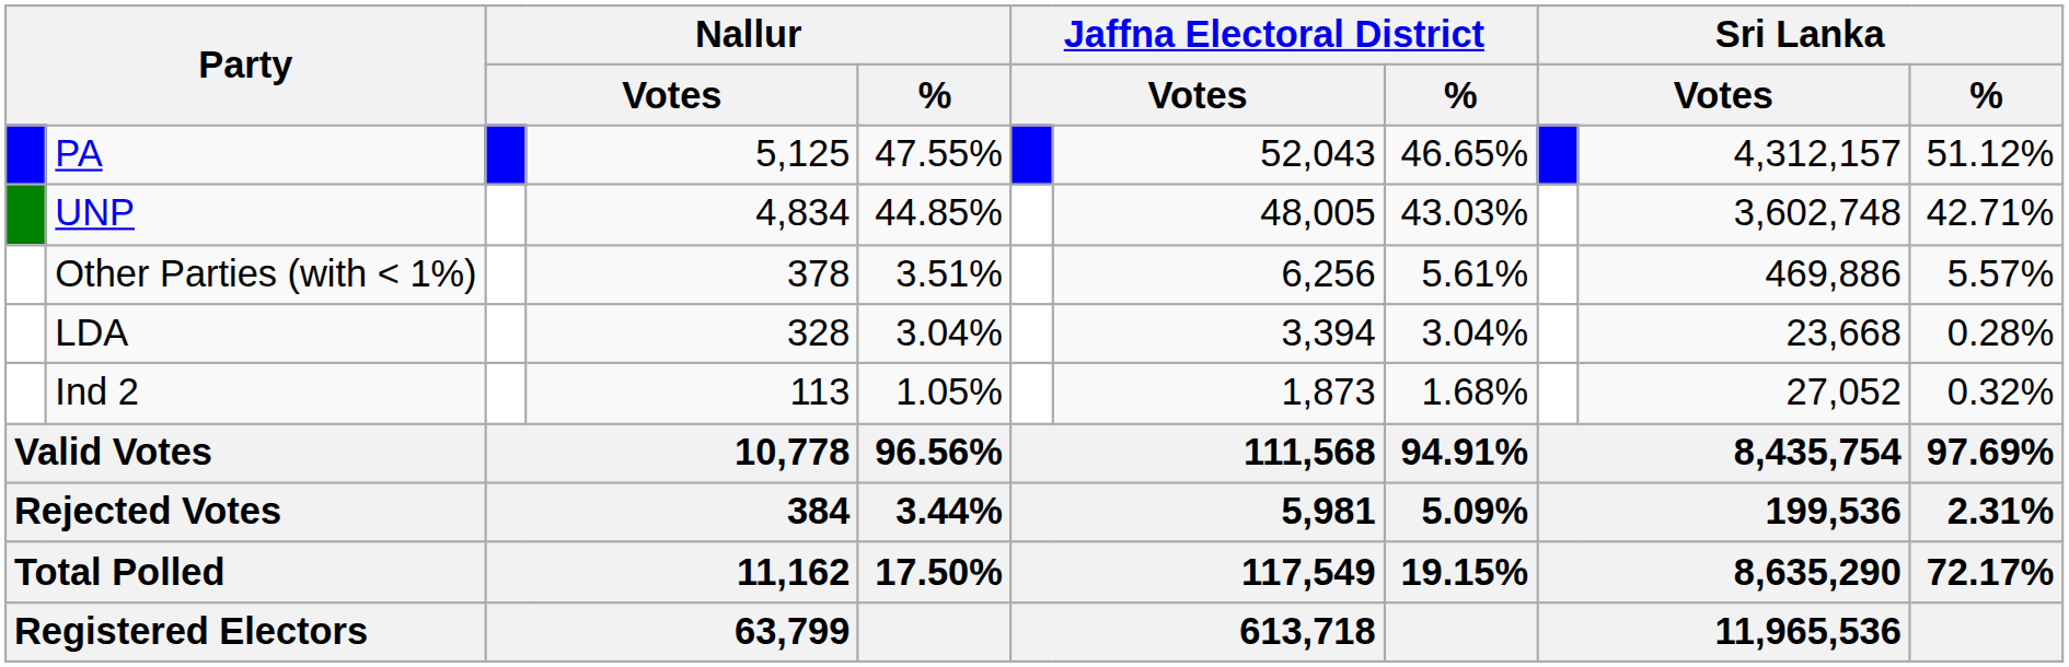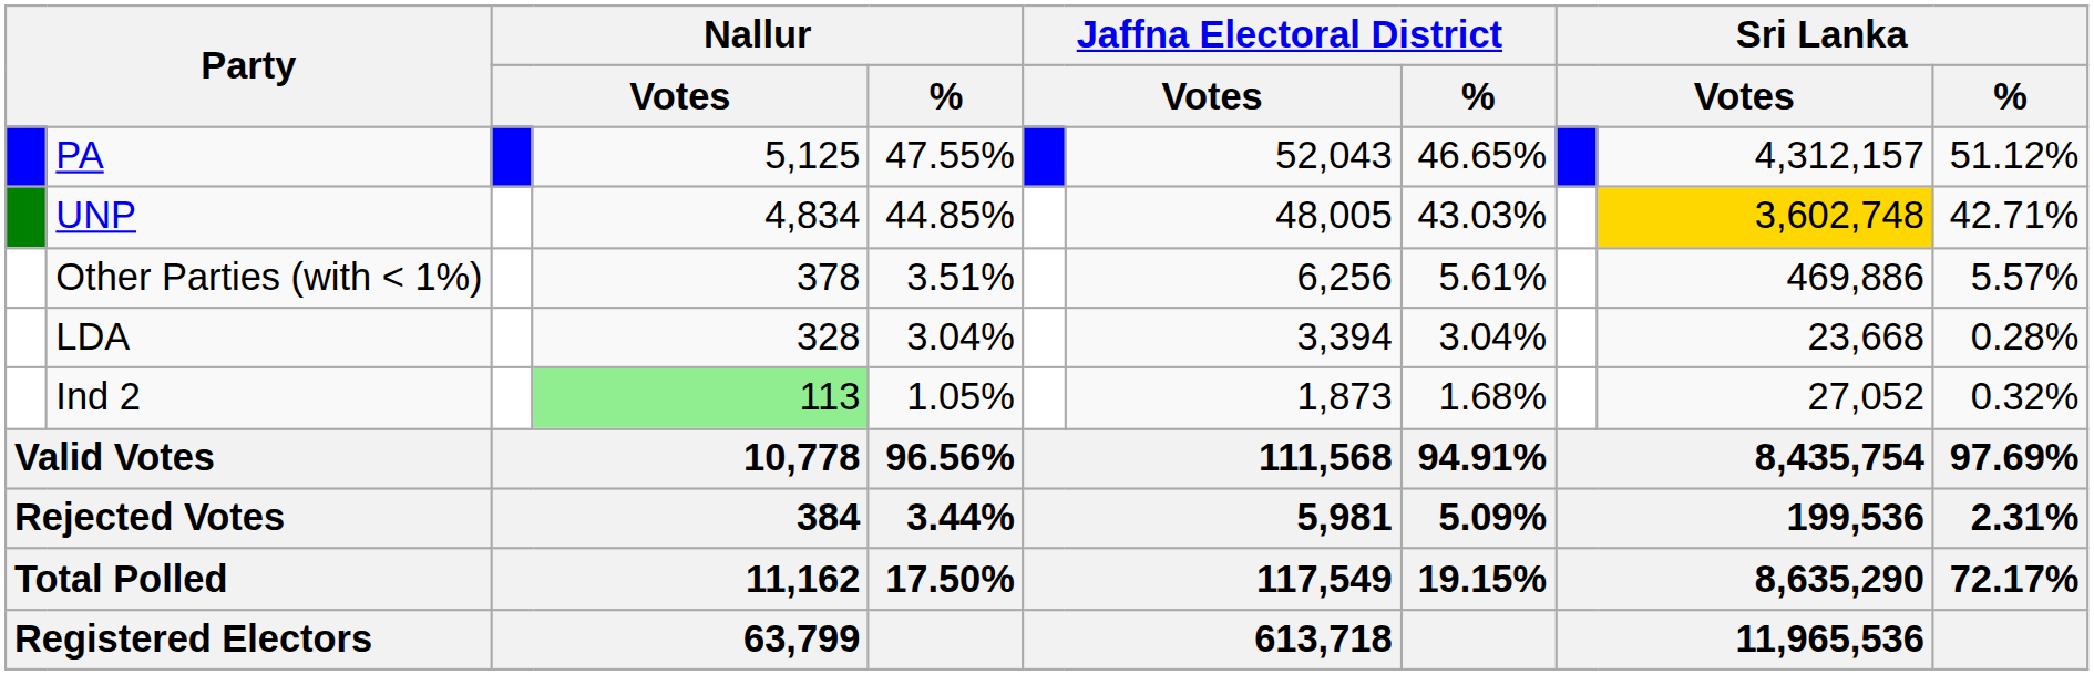 <table class="wikitable">
 <tr>
 <th colspan="2" width="144px"rowspan="2">Party</th>
 <th colspan="3" width="216px">Nallur</th>
 <th colspan="3" width="216px"><a href='#'>Jaffna Electoral District</a></th>
 <th colspan="3" width="216px">Sri Lanka</th>
 </tr>
 <tr>
 <th colspan="2" width="144px">Votes</th>
 <th>%</th>
 <th colspan="2" width="144px">Votes</th>
 <th>%</th>
 <th colspan="2" width="144px">Votes</th>
 <th>%</th>
 </tr>
 <tr>
 <td style="background-color:blue;" width="10px"></td>
 <td style="text-align:left;"><a href='#'>PA</a></td>
 <td style="background-color:blue;" width="10px"></td>
 <td style="text-align:right;">5,125</td>
 <td style="text-align:right;">47.55%</td>
 <td style="background-color:blue;" width="10px"></td>
 <td style="text-align:right;">52,043</td>
 <td style="text-align:right;">46.65%</td>
 <td style="background-color:blue;" width="10px"></td>
 <td style="text-align:right;">4,312,157</td>
 <td style="text-align:right;">51.12%</td>
 </tr>
 <tr>
 <td style="background-color:green;" width="10px"></td>
 <td style="text-align:left;"><a href='#'>UNP</a></td>
 <td style="background-color:white;" width="10px"></td>
 <td style="text-align:right;">4,834</td>
 <td style="text-align:right;">44.85%</td>
 <td style="background-color:white;" width="10px"></td>
 <td style="text-align:right;">48,005</td>
 <td style="text-align:right;">43.03%</td>
 <td style="background-color:white;" width="10px"></td>
-<td style="text-align:right;">3,602,748</td>
+<td style="background: gold; text-align:right;">3,602,748</td>
 <td style="text-align:right;">42.71%</td>
 </tr>
 <tr>
 <td style="background-color:white;" width="10px"></td>
 <td style="text-align:left;">Other Parties (with < 1%)</td>
 <td style="background-color:white;" width="10px"></td>
 <td style="text-align:right;">378</td>
 <td style="text-align:right;">3.51%</td>
 <td style="background-color:white;" width="10px"></td>
 <td style="text-align:right;">6,256</td>
 <td style="text-align:right;">5.61%</td>
 <td style="background-color:white;" width="10px"></td>
 <td style="text-align:right;">469,886</td>
 <td style="text-align:right;">5.57%</td>
 </tr>
 <tr>
 <td style="background-color:white;" width="10px"></td>
 <td style="text-align:left;">LDA</td>
 <td style="background-color:white;" width="10px"></td>
 <td style="text-align:right;">328</td>
 <td style="text-align:right;">3.04%</td>
 <td style="background-color:white;" width="10px"></td>
 <td style="text-align:right;">3,394</td>
 <td style="text-align:right;">3.04%</td>
 <td style="background-color:white;" width="10px"></td>
 <td style="text-align:right;">23,668</td>
 <td style="text-align:right;">0.28%</td>
 </tr>
 <tr>
 <td style="background-color:white;" width="10px"></td>
 <td style="text-align:left;">Ind 2</td>
 <td style="background-color:white;" width="10px"></td>
-<td style="text-align:right;">113</td>
+<td style="background: lightgreen; text-align:right;">113</td>
 <td style="text-align:right;">1.05%</td>
 <td style="background-color:white;" width="10px"></td>
 <td style="text-align:right;">1,873</td>
 <td style="text-align:right;">1.68%</td>
 <td style="background-color:white;" width="10px"></td>
 <td style="text-align:right;">27,052</td>
 <td style="text-align:right;">0.32%</td>
 </tr>
 <tr>
 <th colspan="2" width="144px"style="text-align:left;">Valid Votes</th>
 <th style="text-align:right;"colspan="2" width="144px">10,778</th>
 <th style="text-align:right;">96.56%</th>
 <th style="text-align:right;"colspan="2" width="144px">111,568</th>
 <th style="text-align:right;">94.91%</th>
 <th style="text-align:right;"colspan="2" width="144px">8,435,754</th>
 <th style="text-align:right;">97.69%</th>
 </tr>
 <tr>
 <th colspan="2" width="144px"style="text-align:left;">Rejected Votes</th>
 <th style="text-align:right;"colspan="2" width="144px">384</th>
 <th style="text-align:right;">3.44%</th>
 <th style="text-align:right;"colspan="2" width="144px">5,981</th>
 <th style="text-align:right;">5.09%</th>
 <th style="text-align:right;"colspan="2" width="144px">199,536</th>
 <th style="text-align:right;">2.31%</th>
 </tr>
 <tr>
 <th colspan="2" width="144px"style="text-align:left;">Total Polled</th>
 <th style="text-align:right;"colspan="2" width="144px">11,162</th>
 <th style="text-align:right;">17.50%</th>
 <th style="text-align:right;"colspan="2" width="144px">117,549</th>
 <th style="text-align:right;">19.15%</th>
 <th style="text-align:right;"colspan="2" width="144px">8,635,290</th>
 <th style="text-align:right;">72.17%</th>
 </tr>
 <tr>
 <th colspan="2" width="144px"style="text-align:left;">Registered Electors</th>
 <th style="text-align:right;"colspan="2" width="144px">63,799</th>
 <th></th>
 <th style="text-align:right;"colspan="2" width="144px">613,718</th>
 <th></th>
 <th style="text-align:right;"colspan="2" width="144px">11,965,536</th>
 <th></th>
 </tr>
 </table>
